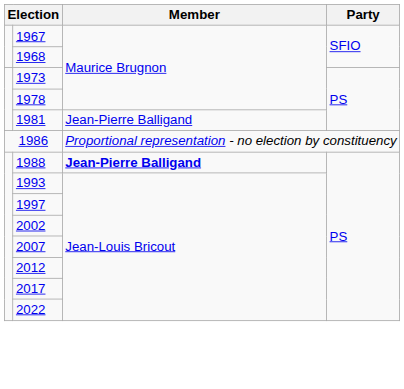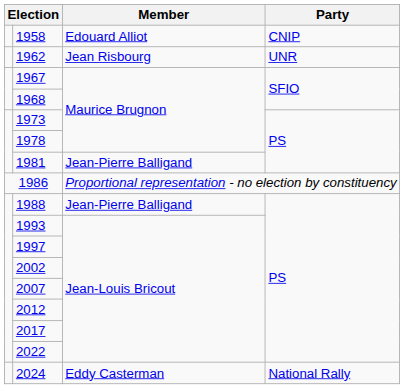 <table class="wikitable">
 <tr>
 <th colspan="2">Election</th>
 <th>Member</th>
 <th>Party</th>
+</tr>
+<tr>
+<td style="color:inherit;background-color: "></td>
+<td><a href='#'>1958</a></td>
+<td><a href='#'>Edouard Alliot</a></td>
+<td><a href='#'>CNIP</a></td>
+</tr>
+<tr>
+<td style="color:inherit;background-color: "></td>
+<td><a href='#'>1962</a></td>
+<td><a href='#'>Jean Risbourg</a></td>
+<td><a href='#'>UNR</a></td>
 </tr>
 <tr>
 <td rowspan="2" style="background-color: "></td>
 <td><a href='#'>1967</a></td>
 <td rowspan="4"><a href='#'>Maurice Brugnon</a></td>
 <td rowspan="2"><a href='#'>SFIO</a></td>
 </tr>
 <tr>
 <td><a href='#'>1968</a></td>
 </tr>
 <tr>
 <td rowspan="3" style="background-color: "></td>
 <td><a href='#'>1973</a></td>
 <td rowspan="3"><a href='#'>PS</a></td>
 </tr>
 <tr>
 <td><a href='#'>1978</a></td>
 </tr>
 <tr>
 <td><a href='#'>1981</a></td>
 <td><a href='#'>Jean-Pierre Balligand</a></td>
 </tr>
 <tr>
 <td colspan="2" align="center"><a href='#'>1986</a></td>
 <td colspan="2"><em><a href='#'>Proportional representation</a> - no election by constituency</em></td>
 </tr>
 <tr>
 <td rowspan="8" style="background-color: "></td>
 <td><a href='#'>1988</a></td>
-<td><strong><a href='#'>Jean-Pierre Balligand</a></strong></td>
+<td><a href='#'>Jean-Pierre Balligand</a></td>
 <td rowspan="8"><a href='#'>PS</a></td>
 </tr>
 <tr>
 <td><a href='#'>1993</a></td>
 <td rowspan="7"><a href='#'>Jean-Louis Bricout</a></td>
 </tr>
 <tr>
 <td><a href='#'>1997</a></td>
 </tr>
 <tr>
 <td><a href='#'>2002</a></td>
 </tr>
 <tr>
 <td><a href='#'>2007</a></td>
 </tr>
 <tr>
 <td><a href='#'>2012</a></td>
 </tr>
 <tr>
 <td><a href='#'>2017</a></td>
 </tr>
 <tr>
 <td><a href='#'>2022</a></td>
 </tr>
+<tr>
+<td style="color:inherit;background-color: "></td>
+<td><a href='#'>2024</a></td>
+<td><a href='#'>Eddy Casterman</a></td>
+<td><a href='#'>National Rally</a></td>
+</tr>
 </table>
